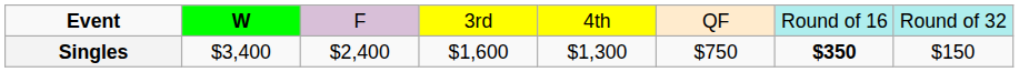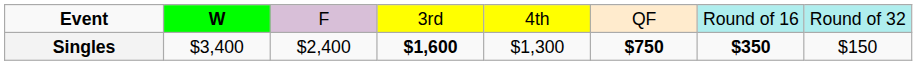 <table class=wikitable style=font-size:95%;text-align:center>
 <tr>
 <td style="width:130px"><strong>Event</strong></td>
 <td style="width:85px; background:lime"><strong>W</strong></td>
 <td style="width:85px; background:thistle">F</td>
 <td style="width:85px; background:#ffff00">3rd</td>
 <td style="width:85px; background:#ffff00">4th</td>
 <td style="width:85px; background:#ffebcd">QF</td>
 <td style="width:85px; background:#afeeee">Round of 16</td>
 <td style="width:85px; background:#afeeee">Round of 32</td>
 </tr>
 <tr>
 <th style=background:#f3f3f3>Singles </th>
 <td>$3,400</td>
 <td>$2,400</td>
-<td>$1,600</td>
+<td><strong>$1,600</strong></td>
 <td>$1,300</td>
-<td>$750</td>
+<td><strong>$750</strong></td>
 <td><strong>$350</strong></td>
 <td>$150</td>
 </tr>
 </table>
